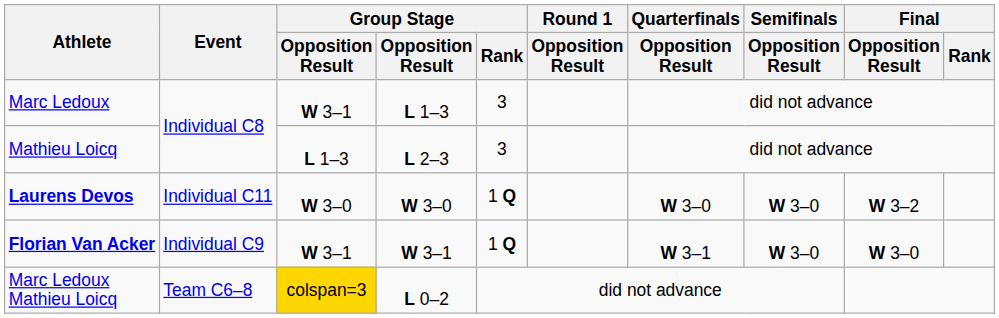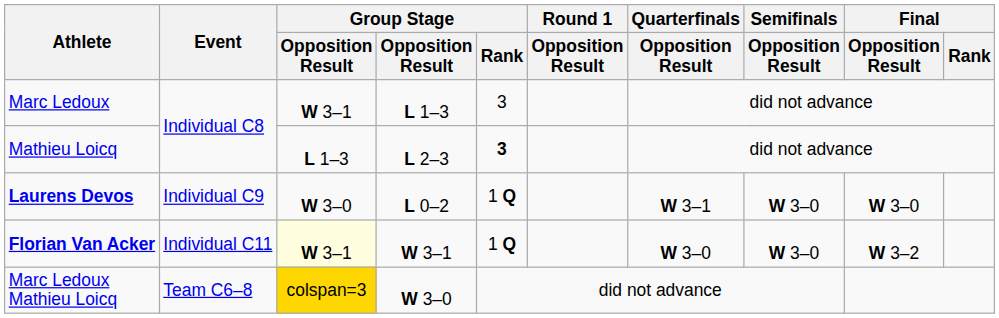 <table class=wikitable style="font-size:90%">
 <tr>
 <th rowspan="2">Athlete</th>
 <th rowspan="2">Event</th>
 <th colspan="3">Group Stage</th>
 <th>Round 1</th>
 <th>Quarterfinals</th>
 <th>Semifinals</th>
 <th colspan="2">Final</th>
 </tr>
 <tr>
 <th>Opposition<br>Result</th>
 <th>Opposition<br>Result</th>
 <th>Rank</th>
 <th>Opposition<br>Result</th>
 <th>Opposition<br>Result</th>
 <th>Opposition<br>Result</th>
 <th>Opposition<br>Result</th>
 <th>Rank</th>
 </tr>
 <tr align=center>
 <td align=left><a href='#'>Marc Ledoux</a></td>
 <td align="left" rowspan=2><a href='#'>Individual C8</a></td>
 <td><br><strong>W</strong> 3–1</td>
 <td><br><strong>L</strong> 1–3</td>
 <td>3</td>
 <td></td>
 <td colspan=4>did not advance</td>
 </tr>
 <tr align=center>
 <td align=left><a href='#'>Mathieu Loicq</a></td>
 <td><br><strong>L</strong> 1–3</td>
 <td><br><strong>L</strong> 2–3</td>
-<td>3</td>
+<td><strong>3</strong></td>
 <td></td>
 <td colspan=4>did not advance</td>
 </tr>
 <tr align=center>
 <td align=left><strong><a href='#'>Laurens Devos</a></strong></td>
-<td align="left"><a href='#'>Individual C11</a></td>
+<td align="left"><a href='#'>Individual C9</a></td>
+<td><br><strong>W</strong> 3–0</td>
+<td><br><strong>L</strong> 0–2</td>
+<td>1 <strong>Q</strong></td>
+<td></td>
+<td><br><strong>W</strong> 3–1</td>
 <td><br><strong>W</strong> 3–0</td>
 <td><br><strong>W</strong> 3–0</td>
+<td></td>
+</tr>
+<tr align=center>
+<td align=left><strong><a href='#'>Florian Van Acker</a></strong></td>
+<td align="left"><a href='#'>Individual C11</a></td>
+<td style="background: lightyellow;"><br><strong>W</strong> 3–1</td>
+<td><br><strong>W</strong> 3–1</td>
 <td>1 <strong>Q</strong></td>
 <td></td>
 <td><br><strong>W</strong> 3–0</td>
 <td><br><strong>W</strong> 3–0</td>
 <td><br><strong>W</strong> 3–2</td>
 <td></td>
 </tr>
 <tr align=center>
-<td align=left><strong><a href='#'>Florian Van Acker</a></strong></td>
-<td align="left"><a href='#'>Individual C9</a></td>
-<td><br><strong>W</strong> 3–1</td>
-<td><br><strong>W</strong> 3–1</td>
-<td>1 <strong>Q</strong></td>
-<td></td>
-<td><br><strong>W</strong> 3–1</td>
-<td><br><strong>W</strong> 3–0</td>
-<td><br><strong>W</strong> 3–0</td>
-<td></td>
-</tr>
-<tr align=center>
 <td align=left><a href='#'>Marc Ledoux</a><br><a href='#'>Mathieu Loicq</a></td>
 <td align="left"><a href='#'>Team C6–8</a></td>
 <td style="background: gold;">colspan=3</td>
-<td><br><strong>L</strong> 0–2</td>
+<td><br><strong>W</strong> 3–0</td>
 <td colspan=4>did not advance</td>
 </tr>
 </table>
